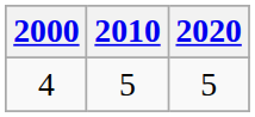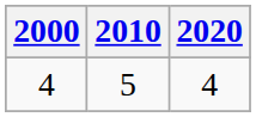 <table class=wikitable style="text-align:center">
 <tr>
 <th><a href='#'>2000</a></th>
 <th><a href='#'>2010</a></th>
 <th><a href='#'>2020</a></th>
 </tr>
 <tr>
 <td>4</td>
 <td>5</td>
-<td>5</td>
+<td>4</td>
 </tr>
 </table>
